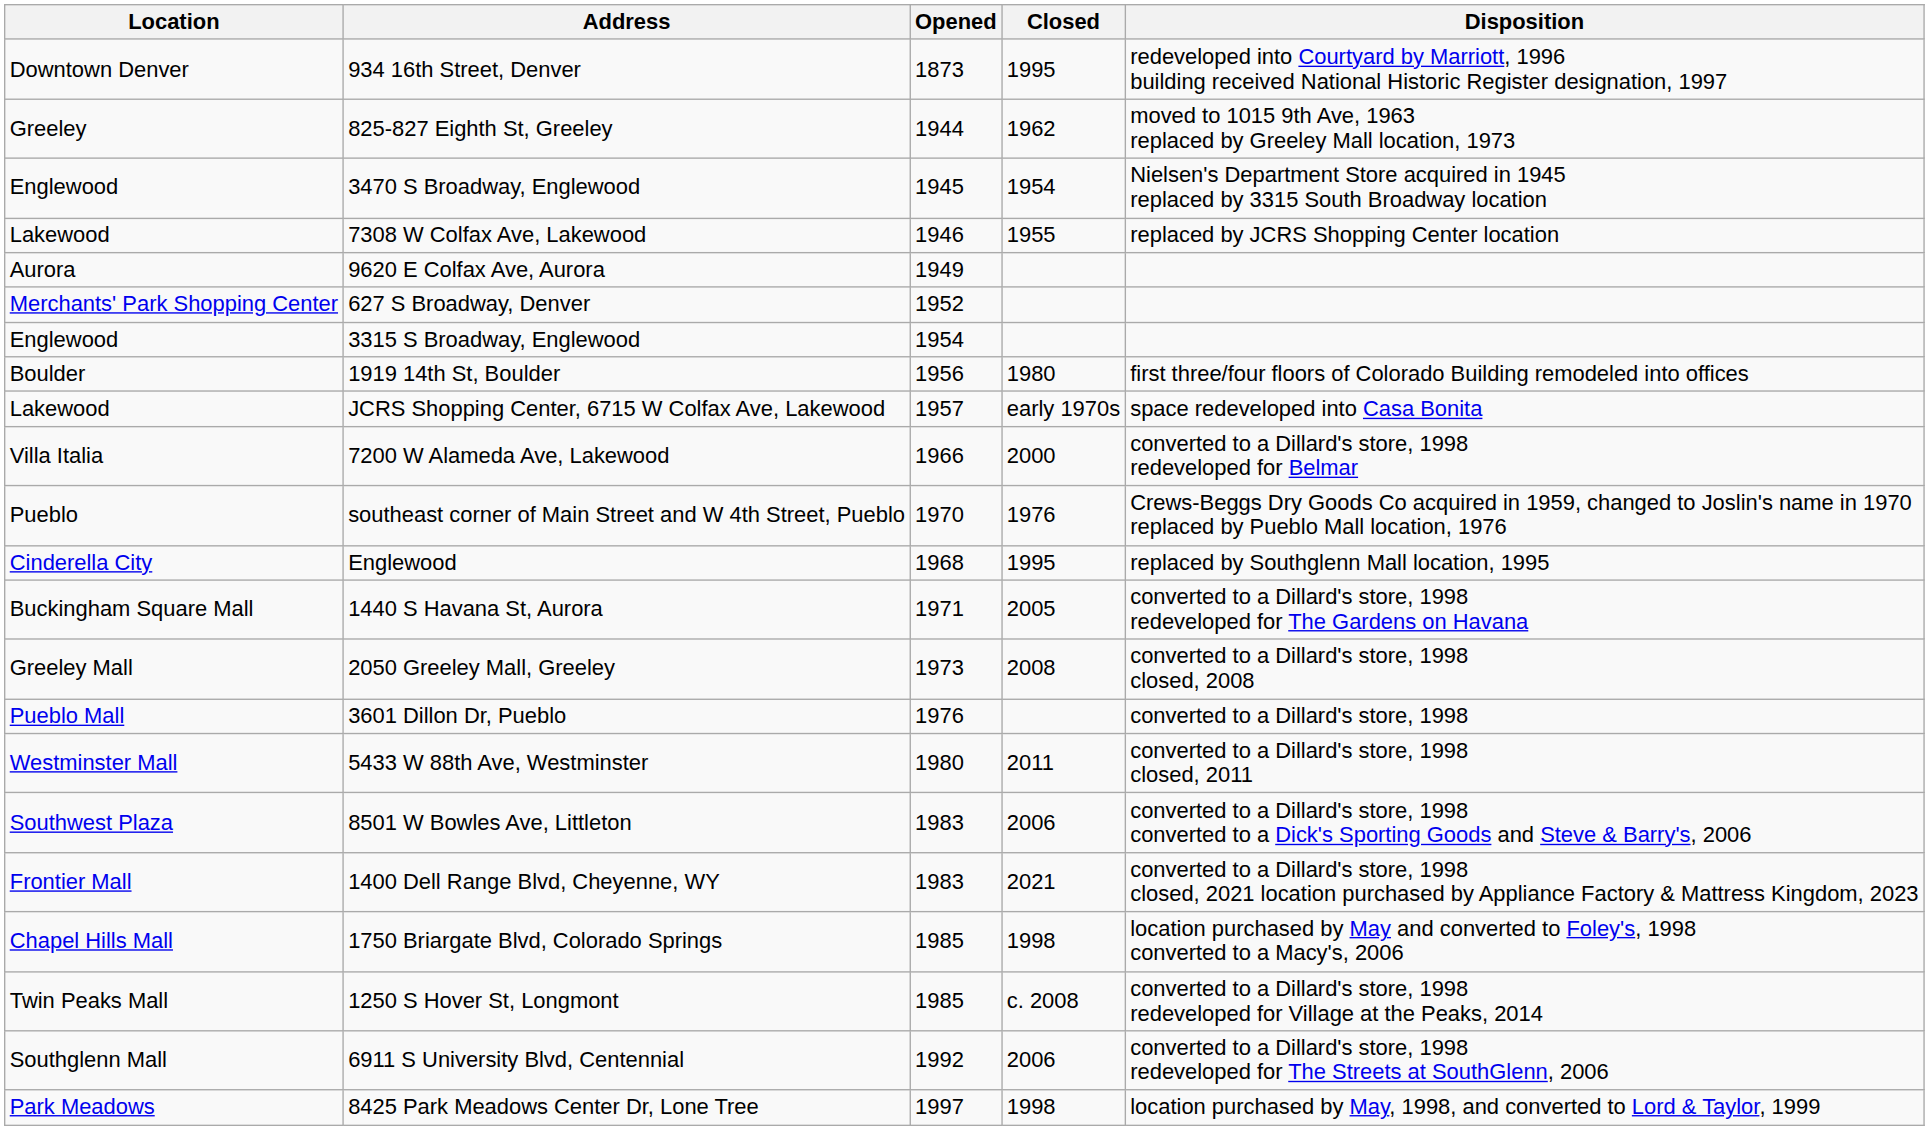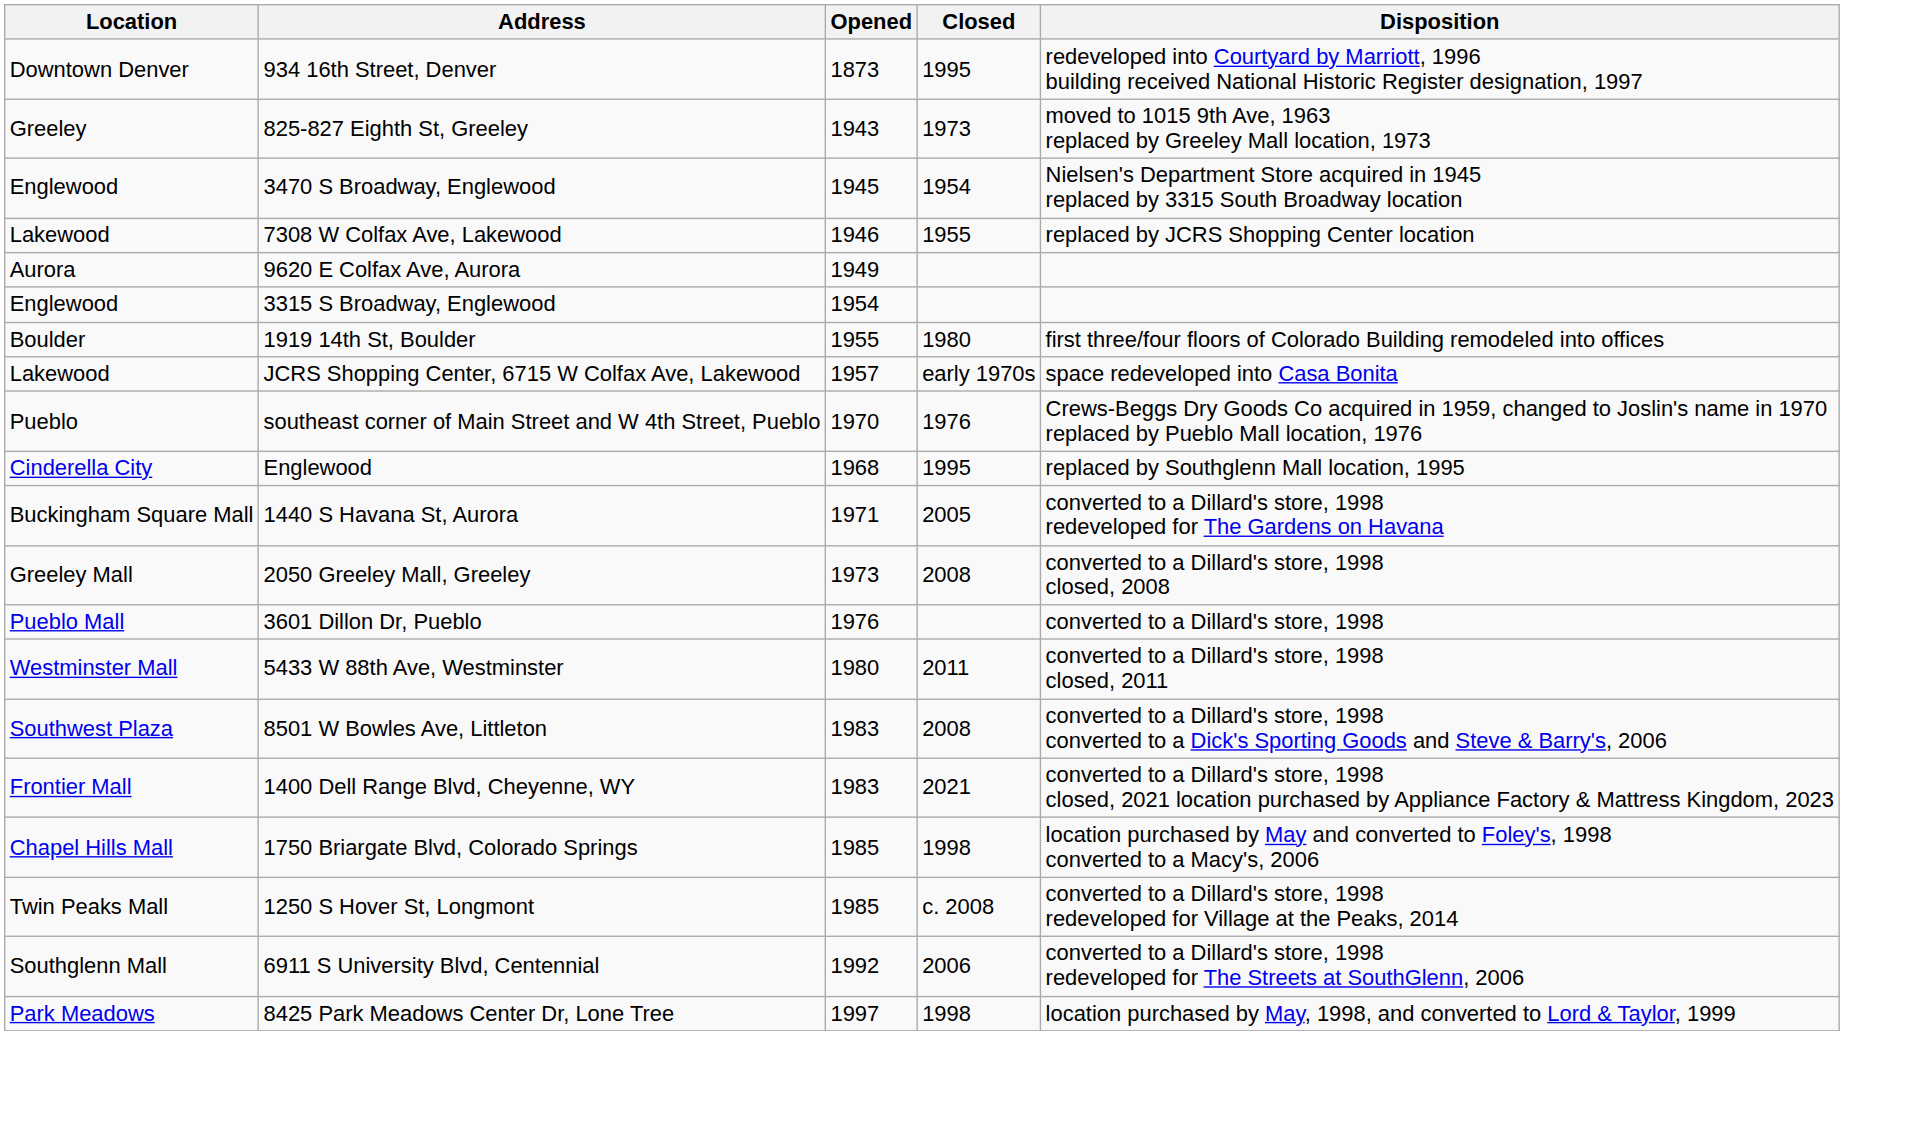 <table class="wikitable sortable">
 <tr>
 <th>Location</th>
 <th>Address</th>
 <th>Opened</th>
 <th>Closed</th>
 <th>Disposition</th>
 </tr>
 <tr>
 <td>Downtown Denver</td>
 <td>934 16th Street, Denver</td>
 <td>1873</td>
 <td>1995</td>
 <td>redeveloped into <a href='#'>Courtyard by Marriott</a>, 1996<br>building received National Historic Register designation, 1997</td>
 </tr>
 <tr>
 <td>Greeley</td>
 <td>825-827 Eighth St, Greeley</td>
-<td>1944</td>
-<td>1962</td>
+<td>1943</td>
+<td>1973</td>
 <td>moved to 1015 9th Ave, 1963<br>replaced by Greeley Mall location, 1973 </td>
 </tr>
 <tr>
 <td>Englewood</td>
 <td>3470 S Broadway, Englewood</td>
 <td>1945</td>
 <td>1954</td>
 <td>Nielsen's Department Store acquired in 1945<br>replaced by 3315 South Broadway location</td>
 </tr>
 <tr>
 <td>Lakewood</td>
 <td>7308 W Colfax Ave, Lakewood</td>
 <td>1946</td>
 <td>1955</td>
 <td>replaced by JCRS Shopping Center location</td>
 </tr>
 <tr>
 <td>Aurora</td>
 <td>9620 E Colfax Ave, Aurora</td>
 <td>1949</td>
 <td></td>
 <td></td>
 </tr>
 <tr>
-<td><a href='#'>Merchants' Park Shopping Center</a></td>
-<td>627 S Broadway, Denver</td>
-<td>1952</td>
-<td></td>
-<td></td>
-</tr>
-<tr>
 <td>Englewood</td>
 <td>3315 S Broadway, Englewood</td>
 <td>1954</td>
 <td></td>
 <td></td>
 </tr>
 <tr>
 <td>Boulder</td>
 <td>1919 14th St, Boulder</td>
-<td>1956</td>
+<td>1955</td>
 <td>1980</td>
 <td>first three/four floors of Colorado Building remodeled into offices</td>
 </tr>
 <tr>
 <td>Lakewood</td>
 <td>JCRS Shopping Center, 6715 W Colfax Ave, Lakewood</td>
 <td>1957</td>
 <td>early 1970s</td>
 <td>space redeveloped into <a href='#'>Casa Bonita</a></td>
-</tr>
-<tr>
-<td>Villa Italia</td>
-<td>7200 W Alameda Ave, Lakewood</td>
-<td>1966</td>
-<td>2000</td>
-<td>converted to a Dillard's store, 1998<br>redeveloped for <a href='#'>Belmar</a></td>
 </tr>
 <tr>
 <td>Pueblo</td>
 <td>southeast corner of Main Street and W 4th Street, Pueblo</td>
 <td>1970</td>
 <td>1976</td>
 <td>Crews-Beggs Dry Goods Co acquired in 1959, changed to Joslin's name in 1970<br>replaced by Pueblo Mall location, 1976</td>
 </tr>
 <tr>
 <td><a href='#'>Cinderella City</a></td>
 <td>Englewood</td>
 <td>1968</td>
 <td>1995</td>
 <td>replaced by Southglenn Mall location, 1995</td>
 </tr>
 <tr>
 <td>Buckingham Square Mall</td>
 <td>1440 S Havana St, Aurora</td>
 <td>1971</td>
 <td>2005</td>
 <td>converted to a Dillard's store, 1998<br>redeveloped for <a href='#'>The Gardens on Havana</a></td>
 </tr>
 <tr>
 <td>Greeley Mall</td>
 <td>2050 Greeley Mall, Greeley</td>
 <td>1973</td>
 <td>2008</td>
 <td>converted to a Dillard's store, 1998<br>closed, 2008</td>
 </tr>
 <tr>
 <td><a href='#'>Pueblo Mall</a></td>
 <td>3601 Dillon Dr, Pueblo</td>
 <td>1976</td>
 <td></td>
 <td>converted to a Dillard's store, 1998</td>
 </tr>
 <tr>
 <td><a href='#'>Westminster Mall</a></td>
 <td>5433 W 88th Ave, Westminster</td>
 <td>1980</td>
 <td>2011</td>
 <td>converted to a Dillard's store, 1998<br>closed, 2011</td>
 </tr>
 <tr>
 <td><a href='#'>Southwest Plaza</a></td>
 <td>8501 W Bowles Ave, Littleton</td>
 <td>1983</td>
-<td>2006</td>
+<td>2008</td>
 <td>converted to a Dillard's store, 1998<br>converted to a <a href='#'>Dick's Sporting Goods</a> and <a href='#'>Steve & Barry's</a>, 2006</td>
 </tr>
 <tr>
 <td><a href='#'>Frontier Mall</a></td>
 <td>1400 Dell Range Blvd, Cheyenne, WY</td>
 <td>1983</td>
 <td>2021</td>
 <td>converted to a Dillard's store, 1998<br>closed, 2021 location purchased by Appliance Factory & Mattress Kingdom, 2023</td>
 </tr>
 <tr>
 <td><a href='#'>Chapel Hills Mall</a></td>
 <td>1750 Briargate Blvd, Colorado Springs</td>
 <td>1985</td>
 <td>1998</td>
 <td>location purchased by <a href='#'>May</a> and converted to <a href='#'>Foley's</a>, 1998<br>converted to a Macy's, 2006</td>
 </tr>
 <tr>
 <td>Twin Peaks Mall</td>
 <td>1250 S Hover St, Longmont</td>
 <td>1985</td>
 <td>c. 2008</td>
 <td>converted to a Dillard's store, 1998<br>redeveloped for Village at the Peaks, 2014</td>
 </tr>
 <tr>
 <td>Southglenn Mall</td>
 <td>6911 S University Blvd, Centennial</td>
 <td>1992</td>
 <td>2006</td>
 <td>converted to a Dillard's store, 1998<br>redeveloped for <a href='#'>The Streets at SouthGlenn</a>, 2006</td>
 </tr>
 <tr>
 <td><a href='#'>Park Meadows</a></td>
 <td>8425 Park Meadows Center Dr, Lone Tree</td>
 <td>1997</td>
 <td>1998</td>
 <td>location purchased by <a href='#'>May</a>, 1998, and converted to <a href='#'>Lord & Taylor</a>, 1999</td>
 </tr>
 </table>
